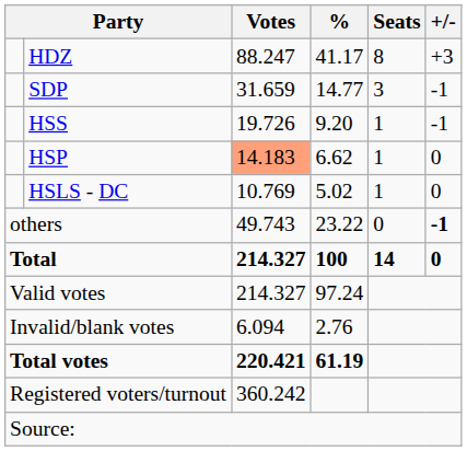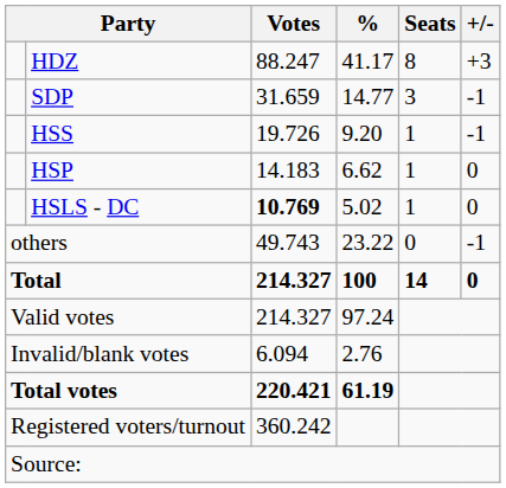 <table class="wikitable" style="text-align: left;">
 <tr>
 <th colspan="2">Party</th>
 <th>Votes</th>
 <th>%</th>
 <th>Seats</th>
 <th>+/-</th>
 </tr>
 <tr>
 <td style="background-color: "></td>
 <td><a href='#'>HDZ</a></td>
 <td>88.247</td>
 <td>41.17</td>
 <td>8</td>
 <td>+3</td>
 </tr>
 <tr>
 <td style="background-color: "></td>
 <td><a href='#'>SDP</a></td>
 <td>31.659</td>
 <td>14.77</td>
 <td>3</td>
 <td>-1</td>
 </tr>
 <tr>
 <td style="background-color: "></td>
 <td><a href='#'>HSS</a></td>
 <td>19.726</td>
 <td>9.20</td>
 <td>1</td>
 <td>-1</td>
 </tr>
 <tr>
 <td style="background-color: "></td>
 <td><a href='#'>HSP</a></td>
-<td style="background: lightsalmon;">14.183</td>
+<td>14.183</td>
 <td>6.62</td>
 <td>1</td>
 <td>0</td>
 </tr>
 <tr>
 <td style="background-color: "></td>
 <td><a href='#'>HSLS</a> - <a href='#'>DC</a></td>
-<td>10.769</td>
+<td><strong>10.769</strong></td>
 <td>5.02</td>
 <td>1</td>
 <td>0</td>
 </tr>
 <tr>
 <td colspan="2">others</td>
 <td>49.743</td>
 <td>23.22</td>
 <td>0</td>
-<td><strong>-1</strong></td>
+<td>-1</td>
 </tr>
 <tr>
 <td colspan="2"><strong>Total</strong></td>
 <td><strong>214.327</strong></td>
 <td><strong>100</strong></td>
 <td><strong>14</strong></td>
 <td><strong>0</strong></td>
 </tr>
 <tr>
 <td colspan="2">Valid votes</td>
 <td>214.327</td>
 <td>97.24</td>
 <td colspan="2"></td>
 </tr>
 <tr>
 <td colspan="2">Invalid/blank votes</td>
 <td>6.094</td>
 <td>2.76</td>
 <td colspan="2"></td>
 </tr>
 <tr>
 <td colspan="2"><strong>Total votes</strong></td>
 <td><strong>220.421</strong></td>
 <td><strong>61.19</strong></td>
 <td colspan="2"></td>
 </tr>
 <tr>
 <td colspan="2">Registered voters/turnout</td>
 <td votes14="5343">360.242</td>
 <td></td>
 <td colspan="2"></td>
 </tr>
 <tr>
 <td colspan="6">Source: </td>
 </tr>
 </table>
